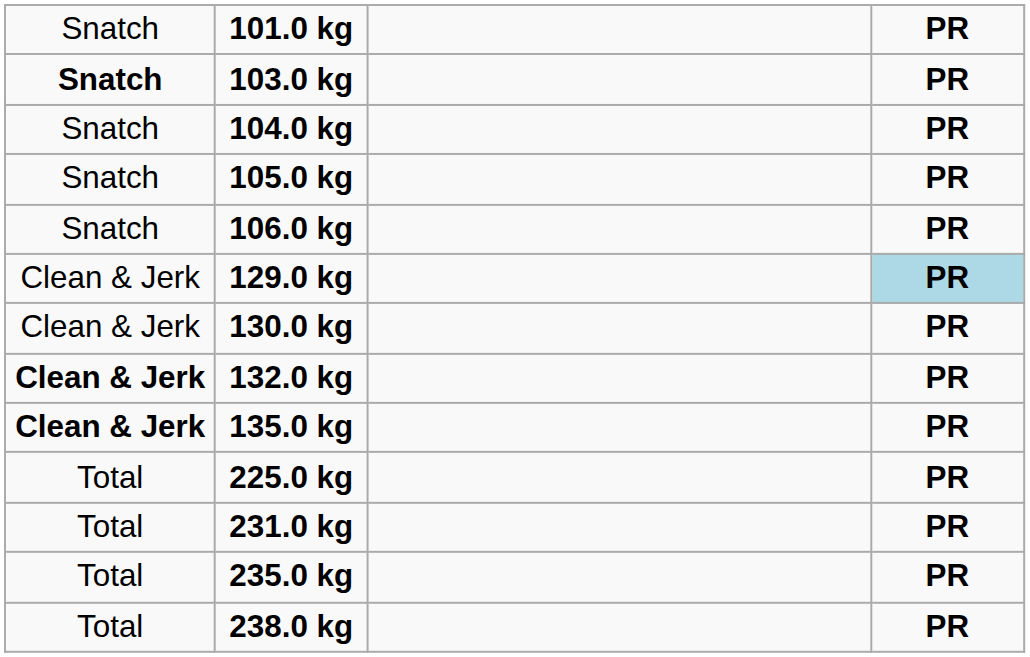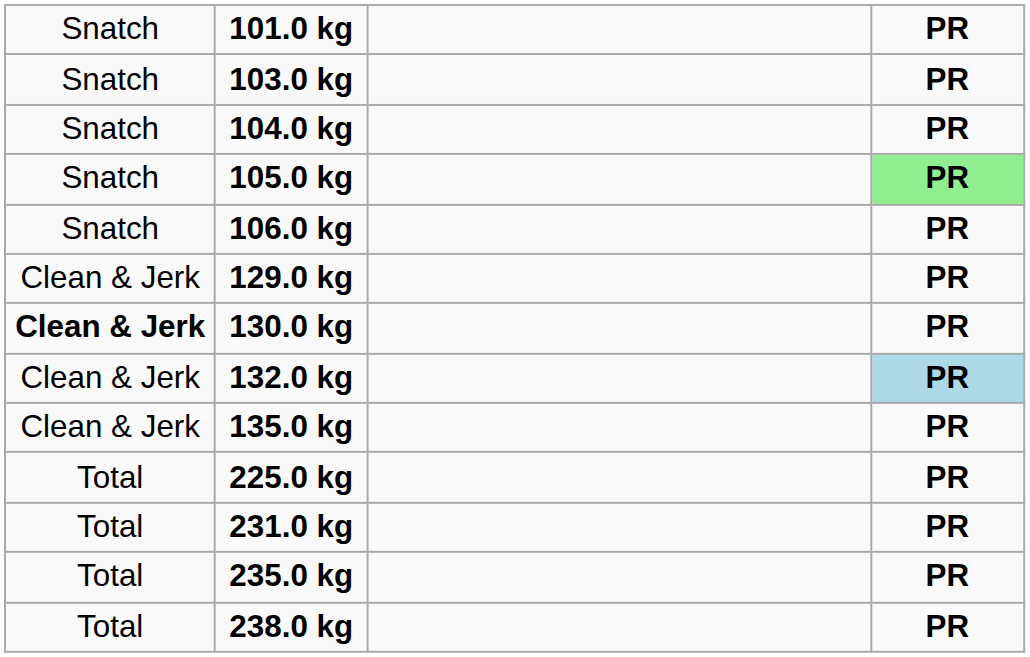 <table class = "wikitable" style="text-align:center;">
 <tr>
 <td width=100>Snatch</td>
 <td width=70><strong>101.0 kg</strong></td>
 <td width=250 align=left></td>
 <td width=70><strong>PR</strong></td>
 </tr>
 <tr>
-<td><strong>Snatch</strong></td>
+<td>Snatch</td>
 <td><strong>103.0 kg</strong></td>
 <td align=left></td>
 <td><strong>PR</strong></td>
 </tr>
 <tr>
 <td>Snatch</td>
 <td><strong>104.0 kg</strong></td>
 <td align=left></td>
 <td><strong>PR</strong></td>
 </tr>
 <tr>
 <td>Snatch</td>
 <td><strong>105.0 kg</strong></td>
 <td align=left></td>
-<td><strong>PR</strong></td>
+<td style="background: lightgreen;"><strong>PR</strong></td>
 </tr>
 <tr>
 <td>Snatch</td>
 <td><strong>106.0 kg</strong></td>
 <td align=left></td>
 <td><strong>PR</strong></td>
 </tr>
 <tr>
 <td>Clean & Jerk</td>
 <td><strong>129.0 kg</strong></td>
 <td align=left></td>
-<td style="background: lightblue;"><strong>PR</strong></td>
+<td><strong>PR</strong></td>
 </tr>
 <tr>
-<td>Clean & Jerk</td>
+<td><strong>Clean & Jerk</strong></td>
 <td><strong>130.0 kg</strong></td>
 <td align=left></td>
 <td><strong>PR</strong></td>
 </tr>
 <tr>
-<td><strong>Clean & Jerk</strong></td>
+<td>Clean & Jerk</td>
 <td><strong>132.0 kg</strong></td>
 <td align=left></td>
-<td><strong>PR</strong></td>
+<td style="background: lightblue;"><strong>PR</strong></td>
 </tr>
 <tr>
-<td><strong>Clean & Jerk</strong></td>
+<td>Clean & Jerk</td>
 <td><strong>135.0 kg</strong></td>
 <td align=left></td>
 <td><strong>PR</strong></td>
 </tr>
 <tr>
 <td>Total</td>
 <td><strong>225.0 kg</strong></td>
 <td align=left></td>
 <td><strong>PR</strong></td>
 </tr>
 <tr>
 <td>Total</td>
 <td><strong>231.0 kg</strong></td>
 <td align=left></td>
 <td><strong>PR</strong></td>
 </tr>
 <tr>
 <td>Total</td>
 <td><strong>235.0 kg</strong></td>
 <td align=left></td>
 <td><strong>PR</strong></td>
 </tr>
 <tr>
 <td>Total</td>
 <td><strong>238.0 kg</strong></td>
 <td align=left></td>
 <td><strong>PR</strong></td>
 </tr>
 </table>
